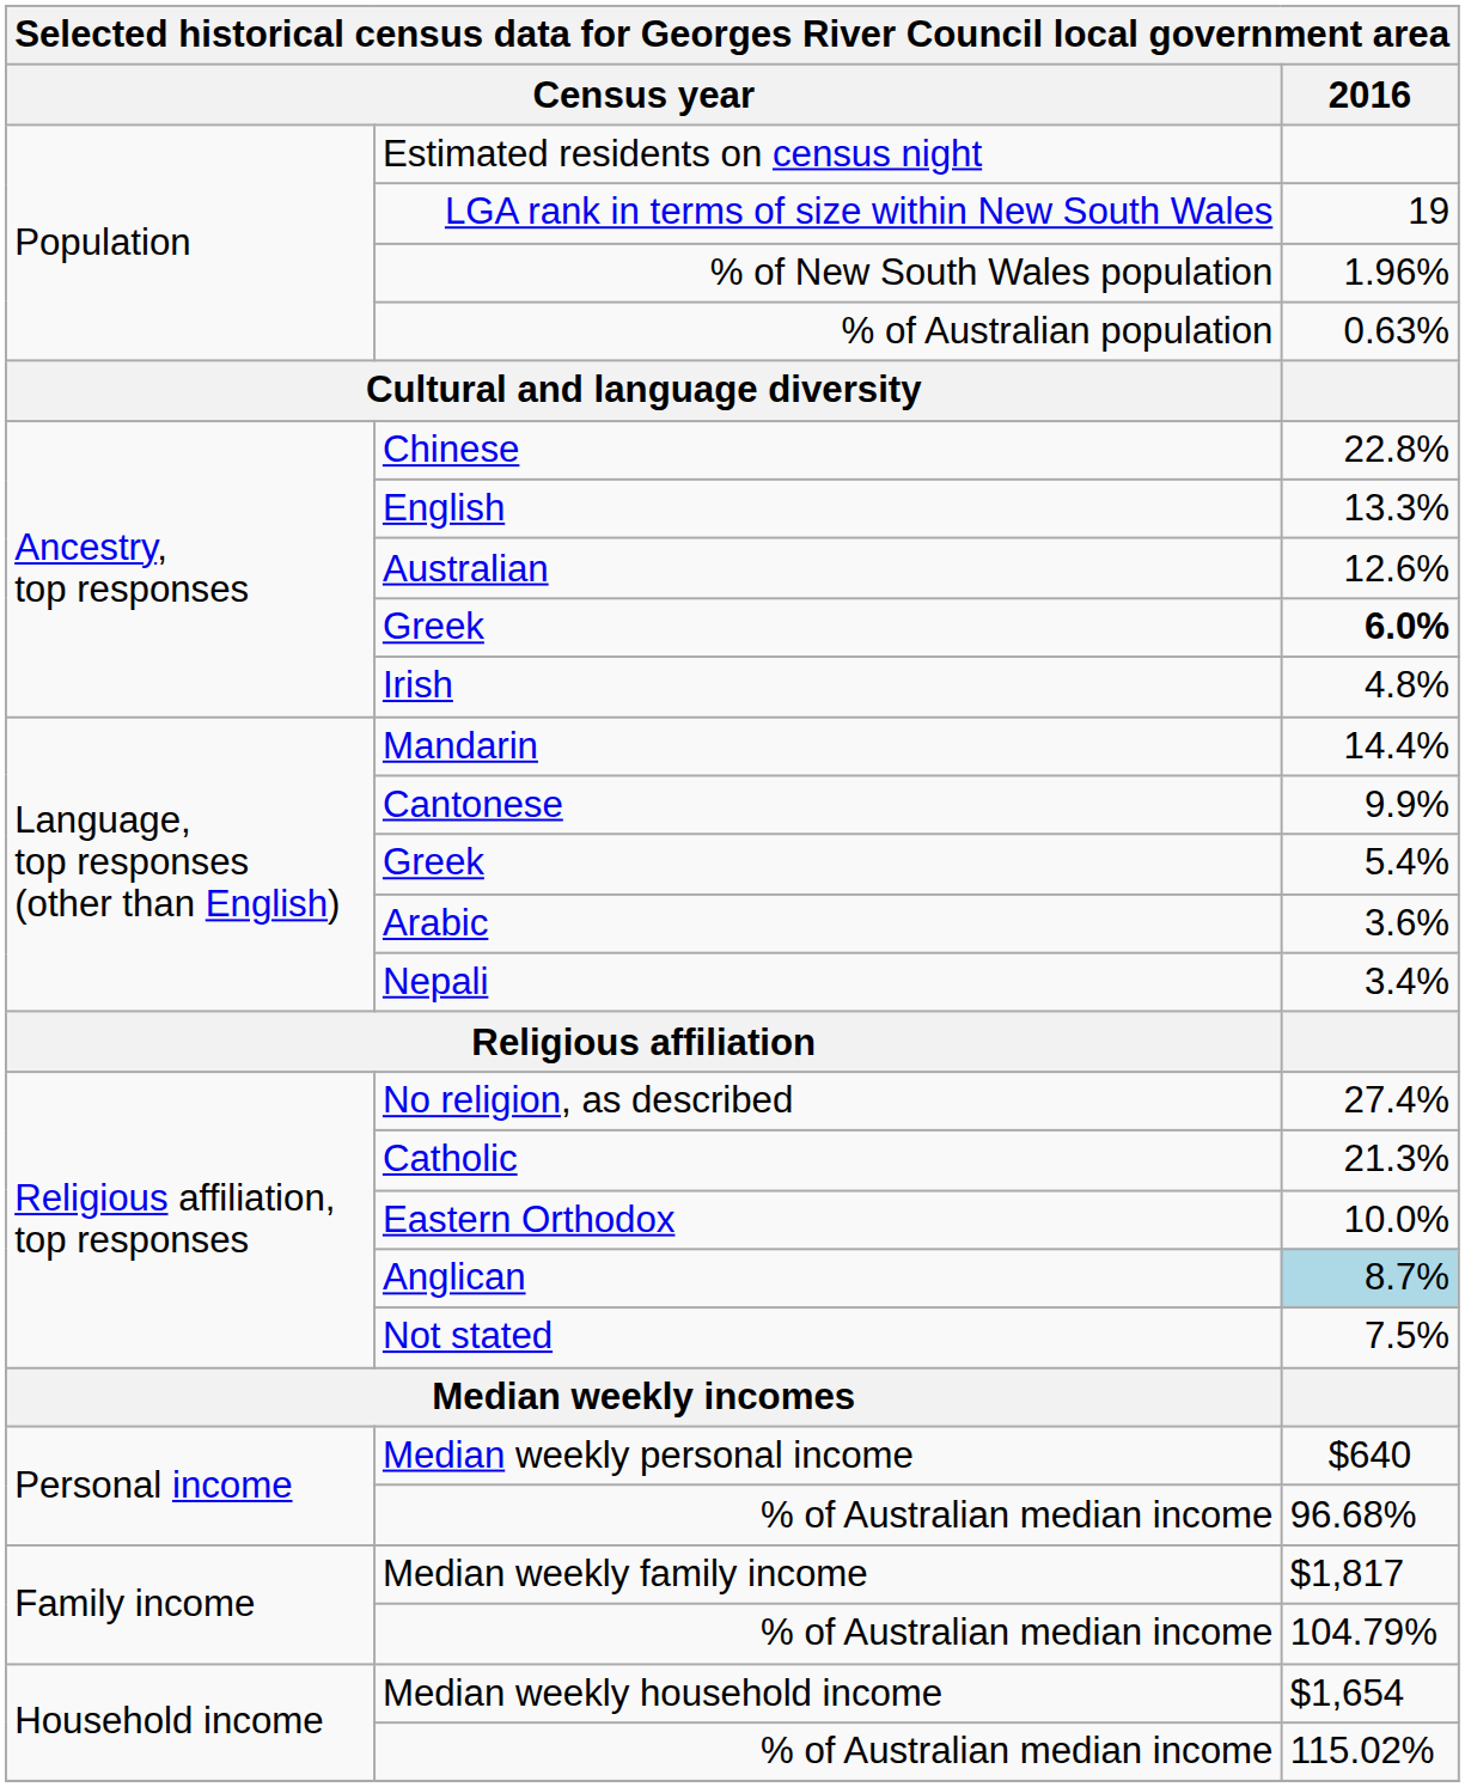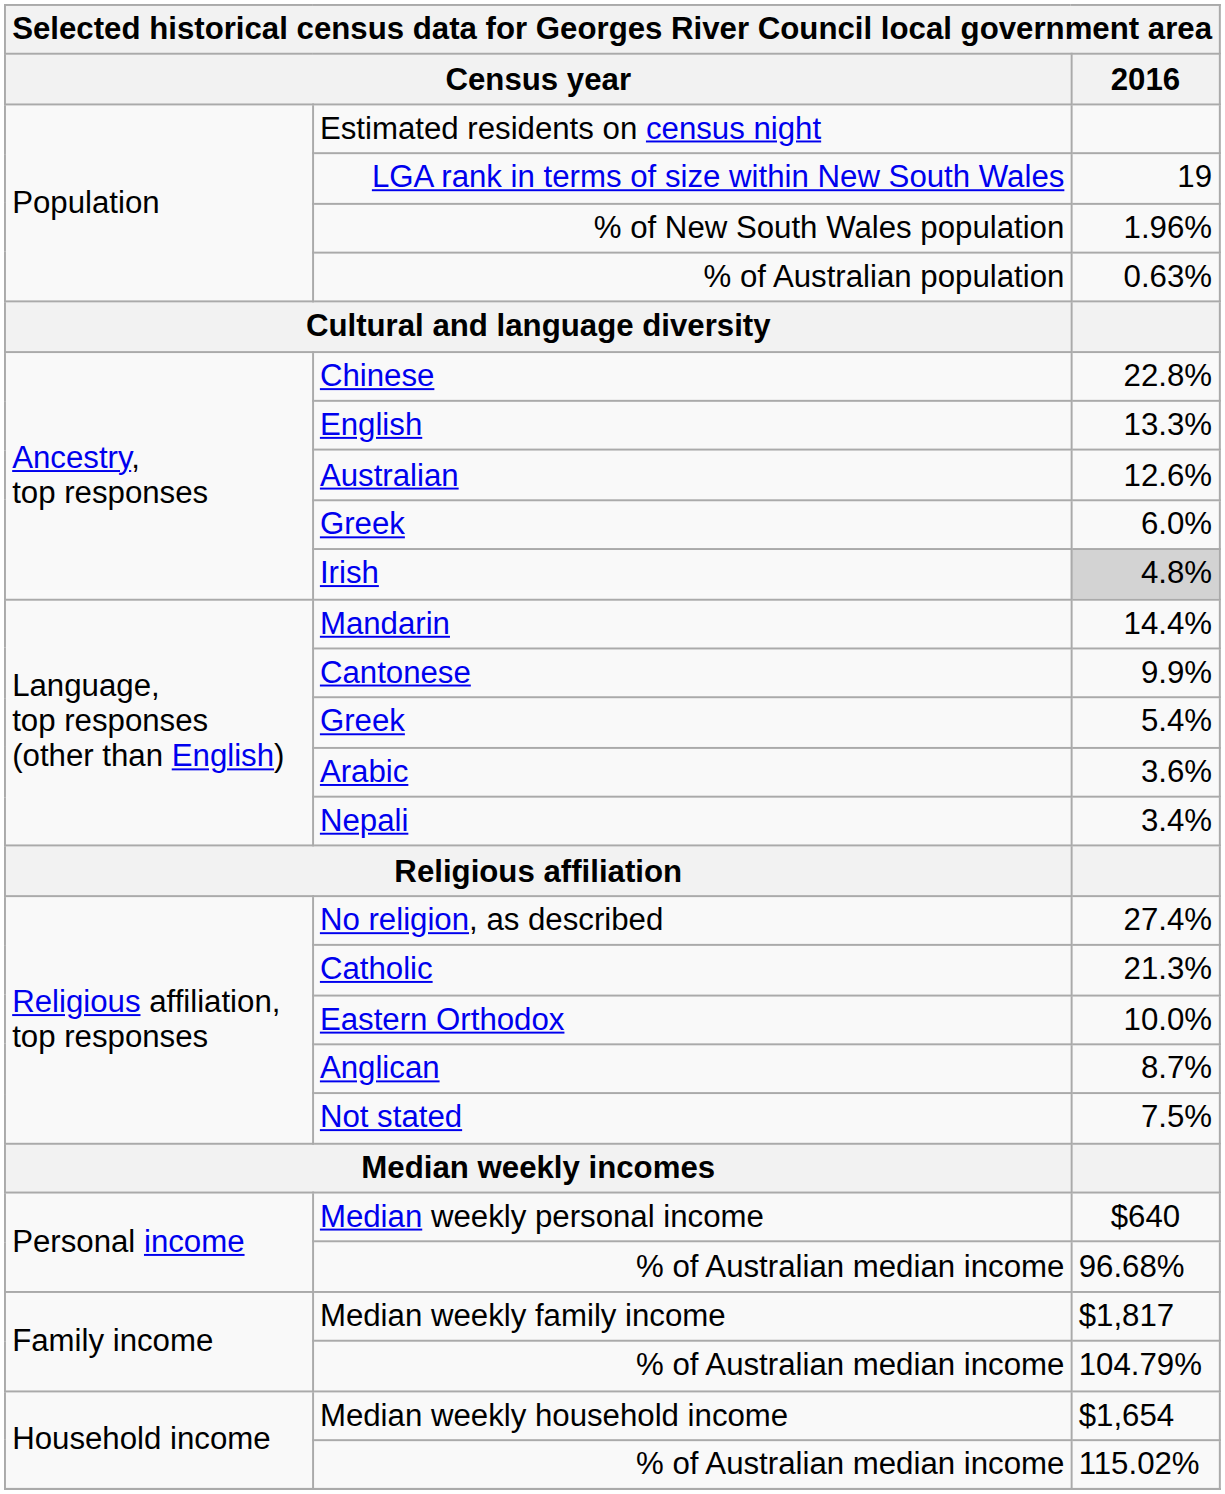 <table class="wikitable">
 <tr>
 <th colspan=7>Selected historical census data for Georges River Council local government area</th>
 </tr>
 <tr>
 <th colspan=3>Census year</th>
 <th>2016</th>
 </tr>
 <tr>
 <td rowspan=4 colspan="2">Population</td>
 <td>Estimated residents on <a href='#'>census night</a></td>
 <td align="right"></td>
 </tr>
 <tr>
 <td align="right"><a href='#'>LGA rank in terms of size within New South Wales</a></td>
 <td align="right">19</td>
 </tr>
 <tr>
 <td align="right">% of New South Wales population</td>
 <td align="right">1.96%</td>
 </tr>
 <tr>
 <td align="right">% of Australian population</td>
 <td align="right">0.63%</td>
 </tr>
 <tr>
 <th colspan=3>Cultural and language diversity</th>
 <th></th>
 </tr>
 <tr>
 <td rowspan=5 colspan=2><a href='#'>Ancestry</a>,<br>top responses</td>
 <td><a href='#'>Chinese</a></td>
 <td align="right">22.8%</td>
 </tr>
 <tr>
 <td><a href='#'>English</a></td>
 <td align="right">13.3%</td>
 </tr>
 <tr>
 <td><a href='#'>Australian</a></td>
 <td align="right">12.6%</td>
 </tr>
 <tr>
 <td><a href='#'>Greek</a></td>
-<td align="right"><strong>6.0%</strong></td>
+<td align="right">6.0%</td>
 </tr>
 <tr>
 <td><a href='#'>Irish</a></td>
-<td align="right">4.8%</td>
+<td align="right" style="background: lightgrey;">4.8%</td>
 </tr>
 <tr>
 <td rowspan=5 colspan=2>Language,<br>top responses<br>(other than <a href='#'>English</a>)</td>
 <td><a href='#'>Mandarin</a></td>
 <td align="right">14.4%</td>
 </tr>
 <tr>
 <td><a href='#'>Cantonese</a></td>
 <td align="right">9.9%</td>
 </tr>
 <tr>
 <td><a href='#'>Greek</a></td>
 <td align="right">5.4%</td>
 </tr>
 <tr>
 <td><a href='#'>Arabic</a></td>
 <td align="right">3.6%</td>
 </tr>
 <tr>
 <td><a href='#'>Nepali</a></td>
 <td align="right">3.4%</td>
 </tr>
 <tr>
 <th colspan=3>Religious affiliation</th>
 <th></th>
 </tr>
 <tr>
 <td rowspan=5 colspan=2><a href='#'>Religious</a> affiliation,<br>top responses</td>
 <td><a href='#'>No religion</a>, as described</td>
 <td align="right">27.4%</td>
 </tr>
 <tr>
 <td><a href='#'>Catholic</a></td>
 <td align="right">21.3%</td>
 </tr>
 <tr>
 <td><a href='#'>Eastern Orthodox</a></td>
 <td align="right">10.0%</td>
 </tr>
 <tr>
 <td><a href='#'>Anglican</a></td>
-<td align="right" style="background: lightblue;">8.7%</td>
+<td align="right">8.7%</td>
 </tr>
 <tr>
 <td><a href='#'>Not stated</a></td>
 <td align="right">7.5%</td>
 </tr>
 <tr>
 <th colspan=3>Median weekly incomes</th>
 <th></th>
 </tr>
 <tr>
 <td rowspan=2 colspan=2>Personal <a href='#'>income</a></td>
 <td><a href='#'>Median</a> weekly personal income</td>
 <td align="center">$640</td>
 </tr>
 <tr>
 <td align="right">% of Australian median income</td>
 <td>96.68%</td>
 </tr>
 <tr>
 <td rowspan=2 colspan=2>Family income</td>
 <td>Median weekly family income</td>
 <td>$1,817</td>
 </tr>
 <tr>
 <td align="right">% of Australian median income</td>
 <td>104.79%</td>
 </tr>
 <tr>
 <td rowspan=2 colspan=2>Household income</td>
 <td>Median weekly household income</td>
 <td>$1,654</td>
 </tr>
 <tr>
 <td align="right">% of Australian median income</td>
 <td>115.02%</td>
 </tr>
 <tr>
 </tr>
 </table>
